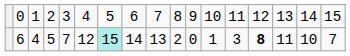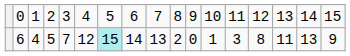 <table class="wikitable" style="margin-left: auto; margin-right:auto; border: none;">
 <tr>
 <th></th>
 <td style="text-align:center;">0</td>
 <td style="text-align:center;">1</td>
 <td style="text-align:center;">2</td>
 <td style="text-align:center;">3</td>
 <td style="text-align:center;">4</td>
 <td style="text-align:center;">5</td>
 <td style="text-align:center;">6</td>
 <td style="text-align:center;">7</td>
 <td style="text-align:center;">8</td>
 <td style="text-align:center;">9</td>
 <td style="text-align:center;">10</td>
 <td style="text-align:center;">11</td>
 <td style="text-align:center;">12</td>
 <td style="text-align:center;">13</td>
 <td style="text-align:center;">14</td>
 <td style="text-align:center;">15</td>
 </tr>
 <tr>
 <th></th>
 <td style="text-align:center;">6</td>
 <td style="text-align:center;">4</td>
 <td style="text-align:center;">5</td>
 <td style="text-align:center;">7</td>
 <td style="text-align:center;">12</td>
 <td style="background: paleturquoise; text-align:center;">15</td>
 <td style="text-align:center;">14</td>
 <td style="text-align:center;">13</td>
 <td style="text-align:center;">2</td>
 <td style="text-align:center;">0</td>
 <td style="text-align:center;">1</td>
 <td style="text-align:center;">3</td>
-<td style="text-align:center;"><strong>8</strong></td>
+<td style="text-align:center;">8</td>
 <td style="text-align:center;">11</td>
-<td style="text-align:center;">10</td>
-<td style="text-align:center;">7</td>
+<td style="text-align:center;">13</td>
+<td style="text-align:center;">9</td>
 </tr>
 </table>
